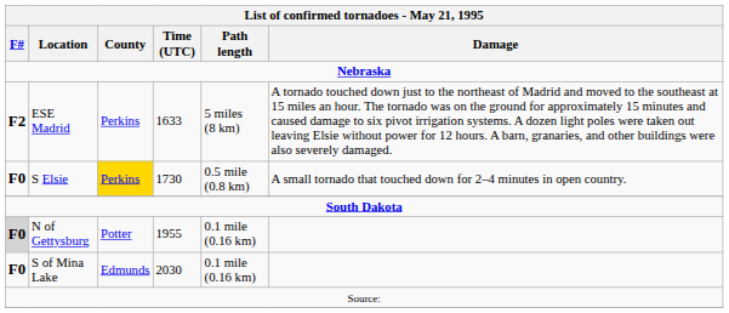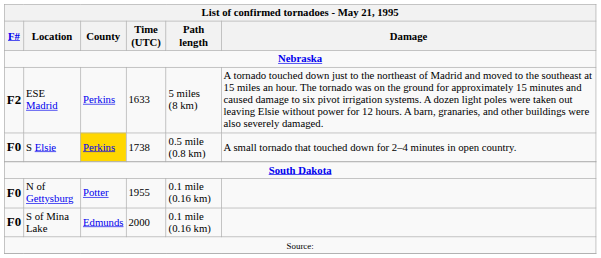 <table class="wikitable collapsible" width="100%">
 <tr>
 <th colspan="6">List of confirmed tornadoes - May 21, 1995</th>
 </tr>
 <tr>
 <th><a href='#'>F#</a></th>
 <th>Location</th>
 <th>County</th>
 <th>Time (UTC)</th>
 <th>Path length</th>
 <th>Damage</th>
 </tr>
 <tr>
 <td colspan="7" align=center><strong><a href='#'>Nebraska</a></strong></td>
 </tr>
 <tr>
 <td><big><strong>F2</strong></big></td>
 <td>ESE <a href='#'>Madrid</a></td>
 <td><a href='#'>Perkins</a></td>
 <td>1633</td>
 <td>5 miles (8 km)</td>
 <td>A tornado touched down just to the northeast of Madrid and moved to the southeast at 15 miles an hour. The tornado was on the ground for approximately 15 minutes and caused damage to six pivot irrigation systems. A dozen light poles were taken out leaving Elsie without power for 12 hours. A barn, granaries, and other buildings were also severely damaged.</td>
 </tr>
 <tr>
 <td><big><strong>F0</strong></big></td>
 <td>S <a href='#'>Elsie</a></td>
 <td style="background: gold;"><a href='#'>Perkins</a></td>
-<td>1730</td>
+<td>1738</td>
 <td>0.5 mile (0.8 km)</td>
 <td>A small tornado that touched down for 2–4 minutes in open country.</td>
 </tr>
 <tr>
 </tr>
 <tr>
 <td colspan="7" align=center><strong><a href='#'>South Dakota</a></strong></td>
 </tr>
 <tr>
-<td style="background: lightgrey;"><big><strong>F0</strong></big></td>
+<td><big><strong>F0</strong></big></td>
 <td>N of <a href='#'>Gettysburg</a></td>
 <td><a href='#'>Potter</a></td>
 <td>1955</td>
 <td>0.1 mile (0.16 km)</td>
 <td></td>
 </tr>
 <tr>
 <td><big><strong>F0</strong></big></td>
 <td>S of Mina Lake</td>
 <td><a href='#'>Edmunds</a></td>
-<td>2030</td>
+<td>2000</td>
 <td>0.1 mile (0.16 km)</td>
 <td></td>
 </tr>
 <tr>
 <td colspan="7" align=center><small>Source:  </small></td>
 </tr>
 <tr>
 </tr>
 </table>
